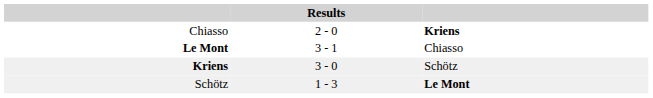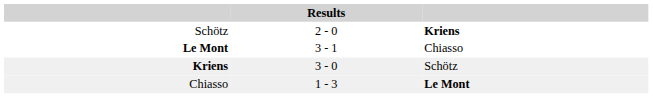 <table align=center style="font-size: 90%; border-collapse:collapse" border=0 cellspacing=0 cellpadding=2 width=60%>
 <tr bgcolor="D3D3D3">
 <th align=right></th>
 <th>Results</th>
 <th></th>
 </tr>
 <tr bgcolor=#FFFFFF>
-<td align=right>Chiasso</td>
+<td align=right>Schötz</td>
 <td align=center>2 - 0</td>
 <td><strong>Kriens</strong></td>
 </tr>
 <tr bgcolor=#FFFFFF>
 <td align=right><strong>Le Mont</strong></td>
 <td align=center>3 - 1</td>
 <td>Chiasso</td>
 </tr>
 <tr bgcolor=#F0F0F0>
 <td align=right><strong>Kriens</strong></td>
 <td align=center>3 - 0</td>
 <td>Schötz</td>
 </tr>
 <tr bgcolor=#F0F0F0>
-<td align=right>Schötz</td>
+<td align=right>Chiasso</td>
 <td align=center>1 - 3</td>
 <td><strong>Le Mont</strong></td>
 </tr>
 </table>
